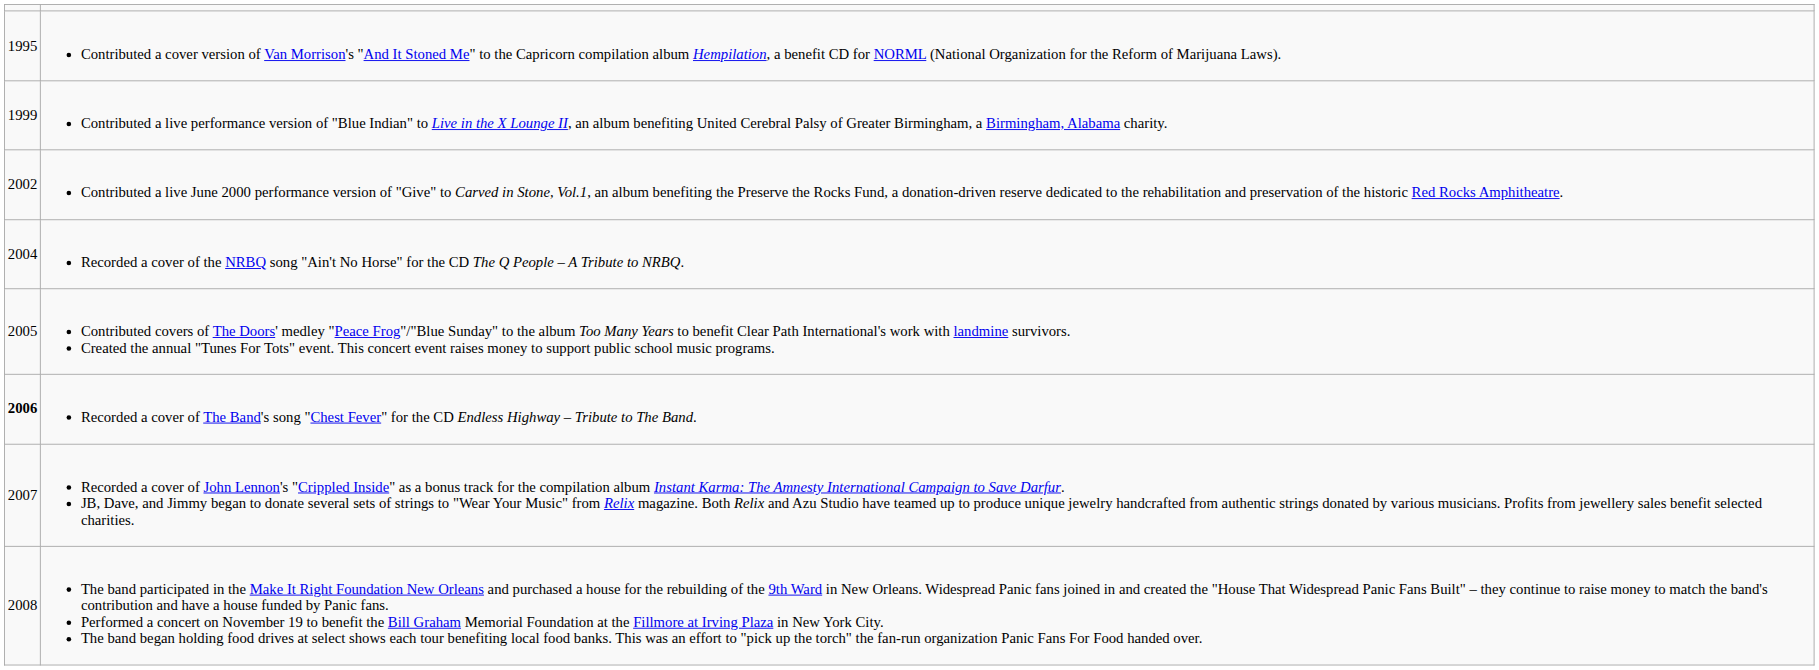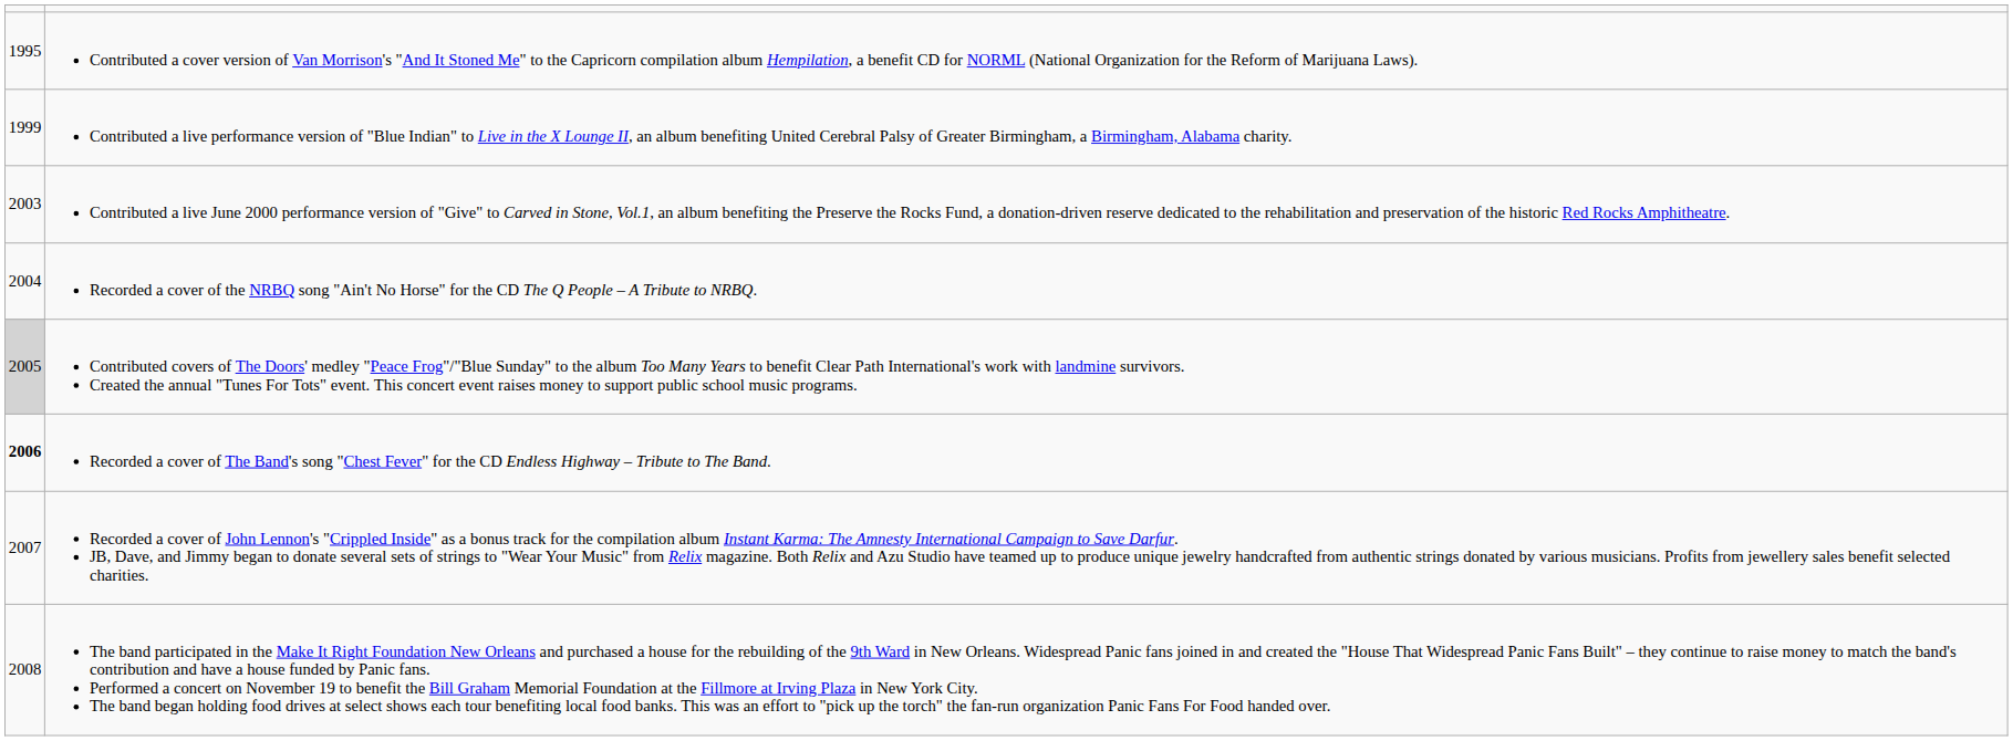 <table class="wikitable">
 <tr>
 <td></td>
 <td></td>
 </tr>
 <tr>
 <td>1995</td>
 <td><br><ul><li>Contributed a cover version of <a href='#'>Van Morrison</a>'s "<a href='#'>And It Stoned Me</a>" to the Capricorn compilation album <em><a href='#'>Hempilation</a></em>, a benefit CD for <a href='#'>NORML</a> (National Organization for the Reform of Marijuana Laws).</li></ul></td>
 </tr>
 <tr>
 <td>1999</td>
 <td><br><ul><li>Contributed a live performance version of "Blue Indian" to <em><a href='#'>Live in the X Lounge II</a></em>, an album benefiting United Cerebral Palsy of Greater Birmingham, a <a href='#'>Birmingham, Alabama</a> charity.</li></ul></td>
 </tr>
 <tr>
-<td>2002</td>
+<td>2003</td>
 <td><br><ul><li>Contributed a live June 2000 performance version of "Give" to <em>Carved in Stone, Vol.1</em>, an album benefiting the Preserve the Rocks Fund, a donation-driven reserve dedicated to the rehabilitation and preservation of the historic <a href='#'>Red Rocks Amphitheatre</a>.</li></ul></td>
 </tr>
 <tr>
 <td>2004</td>
 <td><br><ul><li>Recorded a cover of the <a href='#'>NRBQ</a> song "Ain't No Horse" for the CD <em>The Q People – A Tribute to NRBQ</em>.</li></ul></td>
 </tr>
 <tr>
-<td>2005</td>
+<td style="background: lightgrey;">2005</td>
 <td><br><ul><li>Contributed covers of <a href='#'>The Doors</a>' medley "<a href='#'>Peace Frog</a>"/"Blue Sunday" to the album <em>Too Many Years</em> to benefit Clear Path International's work with <a href='#'>landmine</a> survivors.</li><li>Created the annual "Tunes For Tots" event. This concert event raises money to support public school music programs.</li></ul></td>
 </tr>
 <tr>
 <td><strong>2006</strong></td>
 <td><br><ul><li>Recorded a cover of <a href='#'>The Band</a>'s song "<a href='#'>Chest Fever</a>" for the CD <em>Endless Highway – Tribute to The Band</em>.</li></ul></td>
 </tr>
 <tr>
 <td>2007</td>
 <td><br><ul><li>Recorded a cover of <a href='#'>John Lennon</a>'s "<a href='#'>Crippled Inside</a>" as a bonus track for the compilation album <em><a href='#'>Instant Karma: The Amnesty International Campaign to Save Darfur</a></em>.</li><li>JB, Dave, and Jimmy began to donate several sets of strings to "Wear Your Music" from <em><a href='#'>Relix</a></em> magazine. Both <em>Relix</em> and Azu Studio have teamed up to produce unique jewelry handcrafted from authentic strings donated by various musicians. Profits from jewellery sales benefit selected charities.</li></ul></td>
 </tr>
 <tr>
 <td>2008</td>
 <td><br><ul><li>The band participated in the <a href='#'>Make It Right Foundation New Orleans</a> and purchased a house for the rebuilding of the <a href='#'>9th Ward</a> in New Orleans. Widespread Panic fans joined in and created the "House That Widespread Panic Fans Built" – they continue to raise money to match the band's contribution and have a house funded by Panic fans.</li><li>Performed a concert on November 19 to benefit the <a href='#'>Bill Graham</a> Memorial Foundation at the <a href='#'>Fillmore at Irving Plaza</a> in New York City.</li><li>The band began holding food drives at select shows each tour benefiting local food banks. This was an effort to "pick up the torch" the fan-run organization Panic Fans For Food handed over.</li></ul></td>
 </tr>
 </table>
